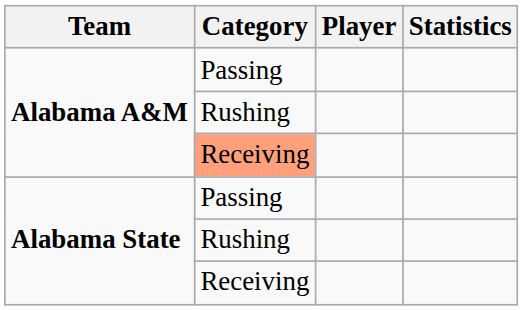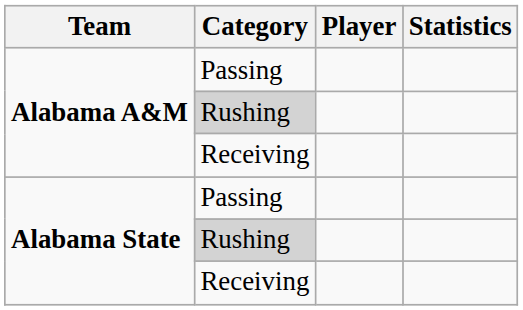 <table class="wikitable" style="float: left;">
 <tr>
 <th>Team</th>
 <th>Category</th>
 <th>Player</th>
 <th>Statistics</th>
 </tr>
 <tr>
 <td rowspan=3><strong>Alabama A&M</strong></td>
 <td>Passing</td>
 <td> </td>
 <td> </td>
 </tr>
 <tr>
-<td>Rushing</td>
+<td style="background: lightgrey;">Rushing</td>
 <td> </td>
 <td> </td>
 </tr>
 <tr>
-<td style="background: lightsalmon;">Receiving</td>
+<td>Receiving</td>
 <td> </td>
 <td> </td>
 </tr>
 <tr>
 <td rowspan=3><strong>Alabama State</strong></td>
 <td>Passing</td>
 <td> </td>
 <td> </td>
 </tr>
 <tr>
-<td>Rushing</td>
+<td style="background: lightgrey;">Rushing</td>
 <td> </td>
 <td> </td>
 </tr>
 <tr>
 <td>Receiving</td>
 <td> </td>
 <td> </td>
 </tr>
 </table>
